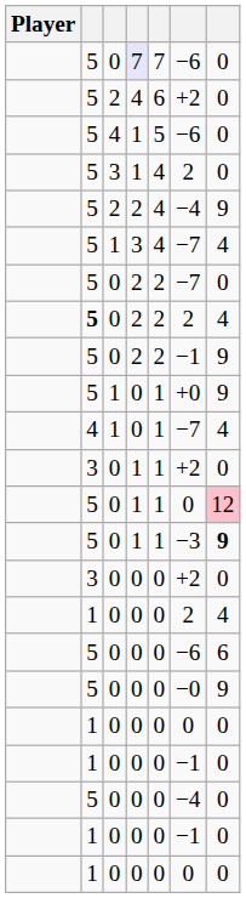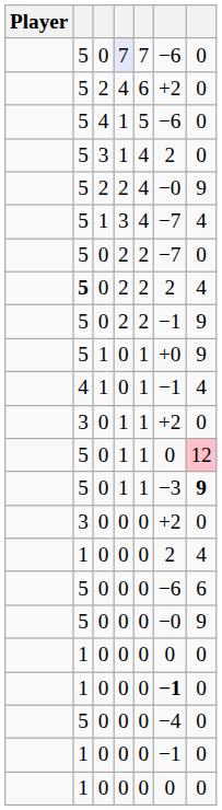 <table class="wikitable sortable" style="text-align:center;">
 <tr>
 <th>Player</th>
 <th></th>
 <th></th>
 <th></th>
 <th></th>
 <th data-sort-type="number"></th>
 <th></th>
 </tr>
 <tr>
 <td></td>
 <td>5</td>
 <td>0</td>
 <td style="background: lavender;">7</td>
 <td>7</td>
 <td>−6</td>
 <td>0</td>
 </tr>
 <tr>
 <td></td>
 <td>5</td>
 <td>2</td>
 <td>4</td>
 <td>6</td>
 <td>+2</td>
 <td>0</td>
 </tr>
 <tr>
 <td></td>
 <td>5</td>
 <td>4</td>
 <td>1</td>
 <td>5</td>
 <td>−6</td>
 <td>0</td>
 </tr>
 <tr>
 <td></td>
 <td>5</td>
 <td>3</td>
 <td>1</td>
 <td>4</td>
 <td>2</td>
 <td>0</td>
 </tr>
 <tr>
 <td></td>
 <td>5</td>
 <td>2</td>
 <td>2</td>
 <td>4</td>
-<td>−4</td>
+<td>−0</td>
 <td>9</td>
 </tr>
 <tr>
 <td></td>
 <td>5</td>
 <td>1</td>
 <td>3</td>
 <td>4</td>
 <td>−7</td>
 <td>4</td>
 </tr>
 <tr>
 <td></td>
 <td>5</td>
 <td>0</td>
 <td>2</td>
 <td>2</td>
 <td>−7</td>
 <td>0</td>
 </tr>
 <tr>
 <td></td>
 <td><strong>5</strong></td>
 <td>0</td>
 <td>2</td>
 <td>2</td>
 <td>2</td>
 <td>4</td>
 </tr>
 <tr>
 <td></td>
 <td>5</td>
 <td>0</td>
 <td>2</td>
 <td>2</td>
 <td>−1</td>
 <td>9</td>
 </tr>
 <tr>
 <td></td>
 <td>5</td>
 <td>1</td>
 <td>0</td>
 <td>1</td>
 <td>+0</td>
 <td>9</td>
 </tr>
 <tr>
 <td></td>
 <td>4</td>
 <td>1</td>
 <td>0</td>
 <td>1</td>
-<td>−7</td>
+<td>−1</td>
 <td>4</td>
 </tr>
 <tr>
 <td></td>
 <td>3</td>
 <td>0</td>
 <td>1</td>
 <td>1</td>
 <td>+2</td>
 <td>0</td>
 </tr>
 <tr>
 <td></td>
 <td>5</td>
 <td>0</td>
 <td>1</td>
 <td>1</td>
 <td>0</td>
 <td style="background: pink;">12</td>
 </tr>
 <tr>
 <td></td>
 <td>5</td>
 <td>0</td>
 <td>1</td>
 <td>1</td>
 <td>−3</td>
 <td><strong>9</strong></td>
 </tr>
 <tr>
 <td></td>
 <td>3</td>
 <td>0</td>
 <td>0</td>
 <td>0</td>
 <td>+2</td>
 <td>0</td>
 </tr>
 <tr>
 <td></td>
 <td>1</td>
 <td>0</td>
 <td>0</td>
 <td>0</td>
 <td>2</td>
 <td>4</td>
 </tr>
 <tr>
 <td></td>
 <td>5</td>
 <td>0</td>
 <td>0</td>
 <td>0</td>
 <td>−6</td>
 <td>6</td>
 </tr>
 <tr>
 <td></td>
 <td>5</td>
 <td>0</td>
 <td>0</td>
 <td>0</td>
 <td>−0</td>
 <td>9</td>
 </tr>
 <tr>
 <td></td>
 <td>1</td>
 <td>0</td>
 <td>0</td>
 <td>0</td>
 <td>0</td>
 <td>0</td>
 </tr>
 <tr>
 <td></td>
 <td>1</td>
 <td>0</td>
 <td>0</td>
 <td>0</td>
-<td>−1</td>
+<td><strong>−1</strong></td>
 <td>0</td>
 </tr>
 <tr>
 <td></td>
 <td>5</td>
 <td>0</td>
 <td>0</td>
 <td>0</td>
 <td>−4</td>
 <td>0</td>
 </tr>
 <tr>
 <td></td>
 <td>1</td>
 <td>0</td>
 <td>0</td>
 <td>0</td>
 <td>−1</td>
 <td>0</td>
 </tr>
 <tr>
 <td></td>
 <td>1</td>
 <td>0</td>
 <td>0</td>
 <td>0</td>
 <td>0</td>
 <td>0</td>
 </tr>
 </table>
